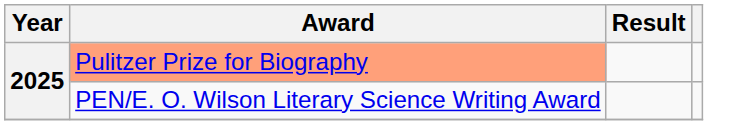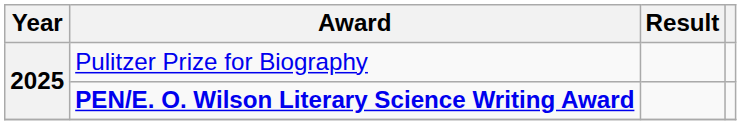 <table class="wikitable sortable">
 <tr>
 <th>Year</th>
 <th>Award</th>
 <th>Result</th>
 <th></th>
 </tr>
 <tr>
 <th rowspan="2">2025</th>
-<td style="background: lightsalmon;"><a href='#'>Pulitzer Prize for Biography</a></td>
+<td><a href='#'>Pulitzer Prize for Biography</a></td>
 <td></td>
 <td></td>
 </tr>
 <tr>
-<td><a href='#'>PEN/E. O. Wilson Literary Science Writing Award</a></td>
+<td><strong><a href='#'>PEN/E. O. Wilson Literary Science Writing Award</a></strong></td>
 <td></td>
 <td></td>
 </tr>
 <tr>
 </tr>
 </table>
